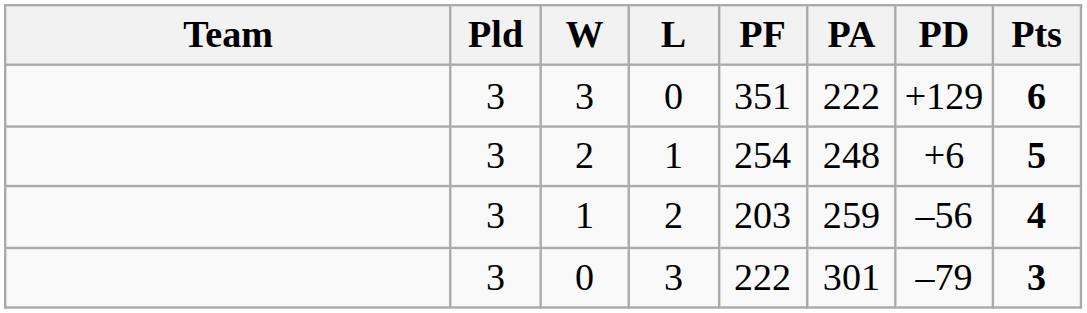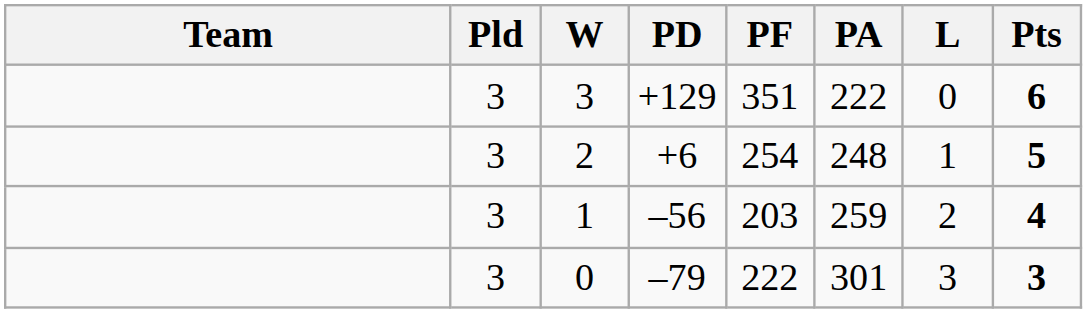 <table class=wikitable style="text-align:center">
 <tr>
 <th width=180>Team</th>
 <th width=30>Pld</th>
 <th width=30>W</th>
-<th width=30>L</th>
+<th width=30>PD</th>
 <th width=30>PF</th>
 <th width=30>PA</th>
-<th width=30>PD</th>
+<th width=30>L</th>
 <th width=30>Pts</th>
 </tr>
 <tr>
 <td align="left"></td>
 <td>3</td>
 <td>3</td>
-<td>0</td>
+<td>+129</td>
 <td>351</td>
 <td>222</td>
-<td>+129</td>
+<td>0</td>
 <td><strong>6</strong></td>
 </tr>
 <tr>
 <td align="left"></td>
 <td>3</td>
 <td>2</td>
-<td>1</td>
+<td>+6</td>
 <td>254</td>
 <td>248</td>
-<td>+6</td>
+<td>1</td>
 <td><strong>5</strong></td>
 </tr>
 <tr>
 <td align="left"></td>
 <td>3</td>
 <td>1</td>
-<td>2</td>
+<td>–56</td>
 <td>203</td>
 <td>259</td>
-<td>–56</td>
+<td>2</td>
 <td><strong>4</strong></td>
 </tr>
 <tr>
 <td align="left"></td>
 <td>3</td>
 <td>0</td>
-<td>3</td>
+<td>–79</td>
 <td>222</td>
 <td>301</td>
-<td>–79</td>
+<td>3</td>
 <td><strong>3</strong></td>
 </tr>
 </table>
